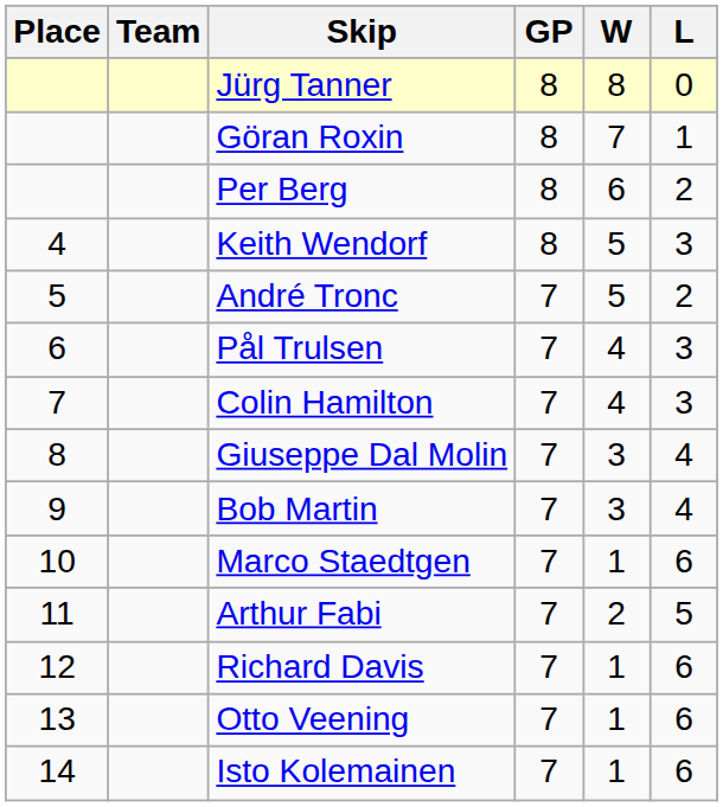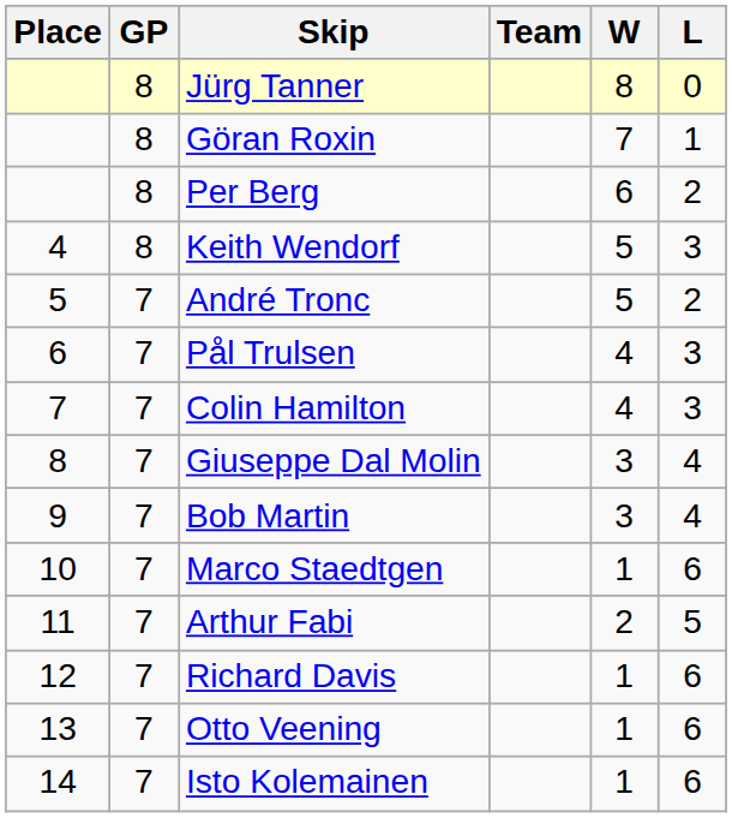 <table class="wikitable" style="text-align:center;">
 <tr>
 <th>Place</th>
+<th width="25">GP</th>
+<th>Skip</th>
 <th>Team</th>
-<th>Skip</th>
-<th width="25">GP</th>
 <th width="25">W</th>
 <th width="25">L</th>
 </tr>
 <tr bgcolor="#ffffcc">
 <td></td>
+<td>8</td>
+<td align=left><a href='#'>Jürg Tanner</a></td>
 <td align=left></td>
-<td align=left><a href='#'>Jürg Tanner</a></td>
-<td>8</td>
 <td>8</td>
 <td>0</td>
 </tr>
 <tr>
 <td></td>
+<td>8</td>
+<td align=left><a href='#'>Göran Roxin</a></td>
 <td align=left></td>
-<td align=left><a href='#'>Göran Roxin</a></td>
-<td>8</td>
 <td>7</td>
 <td>1</td>
 </tr>
 <tr>
 <td></td>
+<td>8</td>
+<td align=left><a href='#'>Per Berg</a></td>
 <td align=left></td>
-<td align=left><a href='#'>Per Berg</a></td>
-<td>8</td>
 <td>6</td>
 <td>2</td>
 </tr>
 <tr>
 <td>4</td>
+<td>8</td>
+<td align=left><a href='#'>Keith Wendorf</a></td>
 <td align=left></td>
-<td align=left><a href='#'>Keith Wendorf</a></td>
-<td>8</td>
 <td>5</td>
 <td>3</td>
 </tr>
 <tr>
 <td>5</td>
+<td>7</td>
+<td align=left><a href='#'>André Tronc</a></td>
 <td align=left></td>
-<td align=left><a href='#'>André Tronc</a></td>
-<td>7</td>
 <td>5</td>
 <td>2</td>
 </tr>
 <tr>
 <td>6</td>
+<td>7</td>
+<td align=left><a href='#'>Pål Trulsen</a></td>
 <td align=left></td>
-<td align=left><a href='#'>Pål Trulsen</a></td>
-<td>7</td>
 <td>4</td>
 <td>3</td>
 </tr>
 <tr>
 <td>7</td>
+<td>7</td>
+<td align=left><a href='#'>Colin Hamilton</a></td>
 <td align=left></td>
-<td align=left><a href='#'>Colin Hamilton</a></td>
-<td>7</td>
 <td>4</td>
 <td>3</td>
 </tr>
 <tr>
 <td>8</td>
+<td>7</td>
+<td align=left><a href='#'>Giuseppe Dal Molin</a></td>
 <td align=left></td>
-<td align=left><a href='#'>Giuseppe Dal Molin</a></td>
-<td>7</td>
 <td>3</td>
 <td>4</td>
 </tr>
 <tr>
 <td>9</td>
+<td>7</td>
+<td align=left><a href='#'>Bob Martin</a></td>
 <td align=left></td>
-<td align=left><a href='#'>Bob Martin</a></td>
-<td>7</td>
 <td>3</td>
 <td>4</td>
 </tr>
 <tr>
 <td>10</td>
+<td>7</td>
+<td align=left><a href='#'>Marco Staedtgen</a></td>
 <td align=left></td>
-<td align=left><a href='#'>Marco Staedtgen</a></td>
-<td>7</td>
 <td>1</td>
 <td>6</td>
 </tr>
 <tr>
 <td>11</td>
+<td>7</td>
+<td align=left><a href='#'>Arthur Fabi</a></td>
 <td align=left></td>
-<td align=left><a href='#'>Arthur Fabi</a></td>
-<td>7</td>
 <td>2</td>
 <td>5</td>
 </tr>
 <tr>
 <td>12</td>
+<td>7</td>
+<td align=left><a href='#'>Richard Davis</a></td>
 <td align=left></td>
-<td align=left><a href='#'>Richard Davis</a></td>
-<td>7</td>
 <td>1</td>
 <td>6</td>
 </tr>
 <tr>
 <td>13</td>
+<td>7</td>
+<td align=left><a href='#'>Otto Veening</a></td>
 <td align=left></td>
-<td align=left><a href='#'>Otto Veening</a></td>
-<td>7</td>
 <td>1</td>
 <td>6</td>
 </tr>
 <tr>
 <td>14</td>
+<td>7</td>
+<td align=left><a href='#'>Isto Kolemainen</a></td>
 <td align=left></td>
-<td align=left><a href='#'>Isto Kolemainen</a></td>
-<td>7</td>
 <td>1</td>
 <td>6</td>
 </tr>
 </table>
